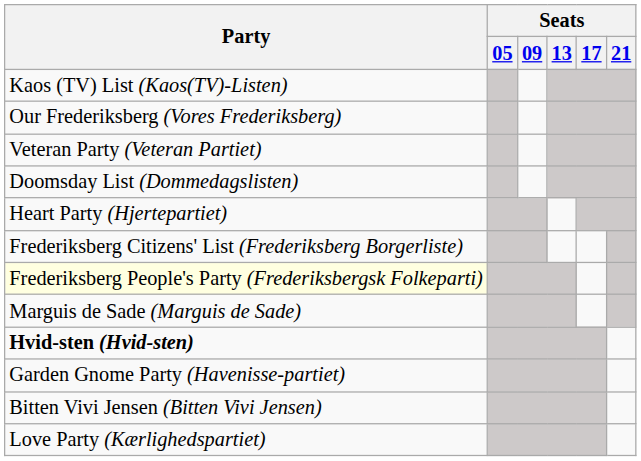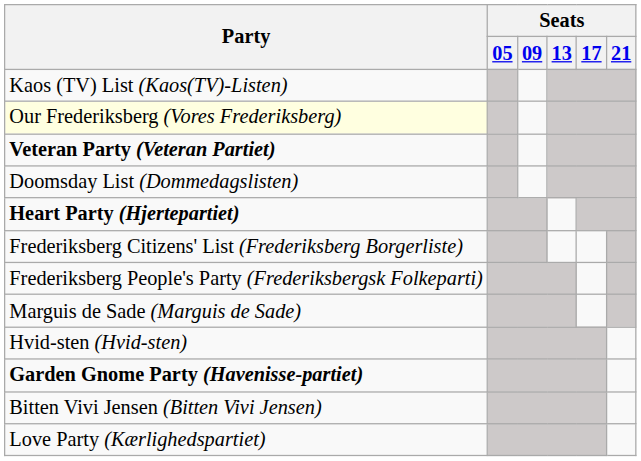 <table class="wikitable">
 <tr>
 <th rowspan=2>Party</th>
 <th colspan=11>Seats</th>
 </tr>
 <tr>
 <th><a href='#'>05</a></th>
 <th><a href='#'>09</a></th>
 <th><a href='#'>13</a></th>
 <th><a href='#'>17</a></th>
 <th><a href='#'>21</a></th>
 </tr>
 <tr>
 <td>Kaos (TV) List <em>(Kaos(TV)-Listen)</em></td>
 <td style="background:#CDC9C9;"></td>
 <td></td>
 <td style="background:#CDC9C9;" colspan=3></td>
 </tr>
 <tr>
-<td>Our Frederiksberg <em>(Vores Frederiksberg)</em></td>
+<td style="background: lightyellow;">Our Frederiksberg <em>(Vores Frederiksberg)</em></td>
 <td style="background:#CDC9C9;"></td>
 <td></td>
 <td style="background:#CDC9C9;" colspan=3></td>
 </tr>
 <tr>
-<td>Veteran Party <em>(Veteran Partiet)</em></td>
+<td><strong>Veteran Party <em>(Veteran Partiet)</em></strong></td>
 <td style="background:#CDC9C9;"></td>
 <td></td>
 <td style="background:#CDC9C9;" colspan=3></td>
 </tr>
 <tr>
 <td>Doomsday List <em>(Dommedagslisten)</em></td>
 <td style="background:#CDC9C9;"></td>
 <td></td>
 <td style="background:#CDC9C9;" colspan=3></td>
 </tr>
 <tr>
-<td>Heart Party <em>(Hjertepartiet)</em></td>
+<td><strong>Heart Party <em>(Hjertepartiet)</em></strong></td>
 <td style="background:#CDC9C9;" colspan=2></td>
 <td></td>
 <td style="background:#CDC9C9;" colspan=2></td>
 </tr>
 <tr>
 <td>Frederiksberg Citizens' List <em>(Frederiksberg Borgerliste)</em></td>
 <td style="background:#CDC9C9;" colspan=2></td>
 <td></td>
 <td></td>
 <td style="background:#CDC9C9;"></td>
 </tr>
 <tr>
-<td style="background: lightyellow;">Frederiksberg People's Party <em>(Frederiksbergsk Folkeparti)</em></td>
+<td>Frederiksberg People's Party <em>(Frederiksbergsk Folkeparti)</em></td>
 <td style="background:#CDC9C9;" colspan=3></td>
 <td></td>
 <td style="background:#CDC9C9;"></td>
 </tr>
 <tr>
 <td>Marguis de Sade <em>(Marguis de Sade)</em></td>
 <td style="background:#CDC9C9;" colspan=3></td>
 <td></td>
 <td style="background:#CDC9C9;"></td>
 </tr>
 <tr>
-<td><strong>Hvid-sten <em>(Hvid-sten)</em></strong></td>
+<td>Hvid-sten <em>(Hvid-sten)</em></td>
 <td style="background:#CDC9C9;" colspan=4></td>
 <td></td>
 </tr>
 <tr>
-<td>Garden Gnome Party <em>(Havenisse-partiet)</em></td>
+<td><strong>Garden Gnome Party <em>(Havenisse-partiet)</em></strong></td>
 <td style="background:#CDC9C9;" colspan=4></td>
 <td></td>
 </tr>
 <tr>
 <td>Bitten Vivi Jensen <em>(Bitten Vivi Jensen)</em></td>
 <td style="background:#CDC9C9;" colspan=4></td>
 <td></td>
 </tr>
 <tr>
 <td>Love Party <em>(Kærlighedspartiet)</em></td>
 <td style="background:#CDC9C9;" colspan=4></td>
 <td></td>
 </tr>
 </table>
